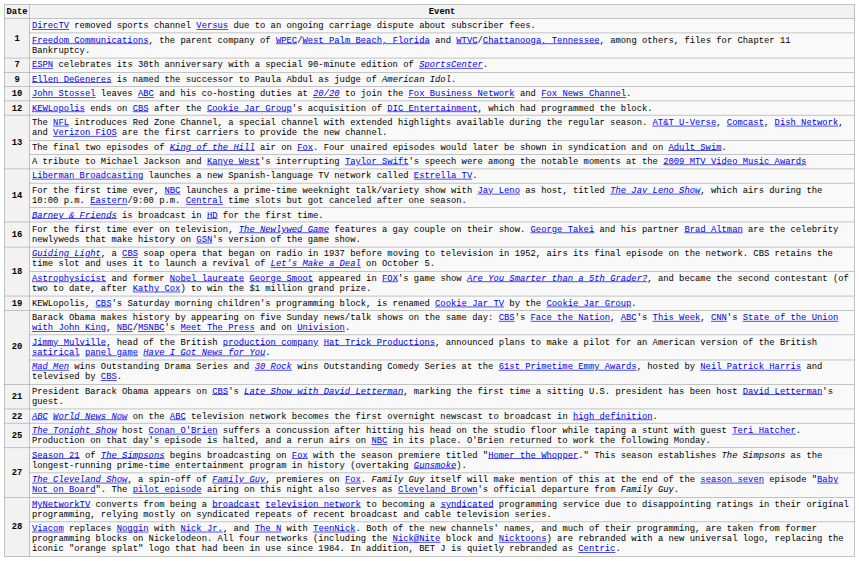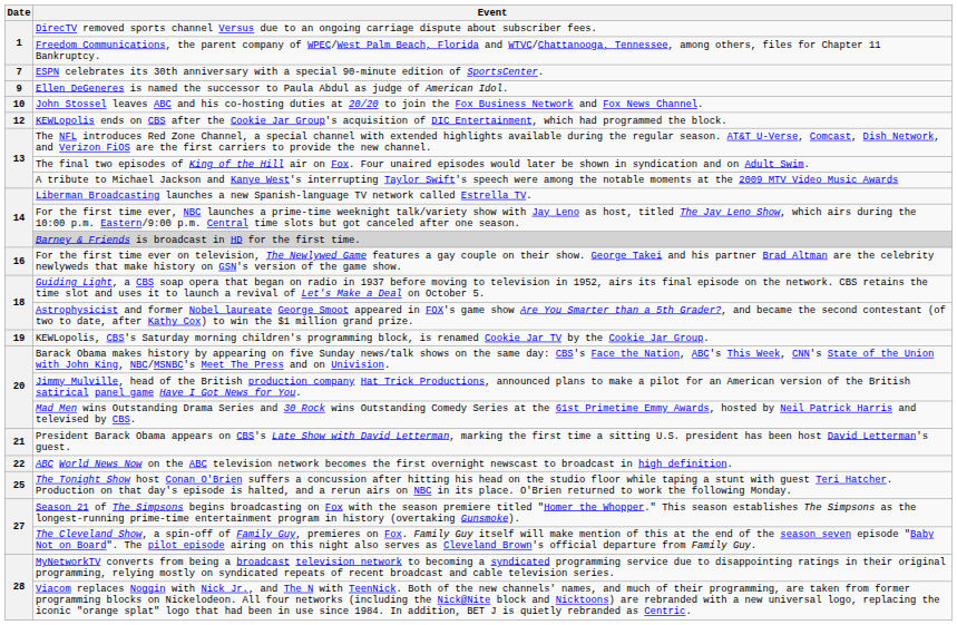 <table class="wikitable">
 <tr>
 <th>Date</th>
 <th>Event</th>
 </tr>
 <tr>
 <th rowspan="2">1</th>
 <td><a href='#'>DirecTV</a> removed sports channel <a href='#'>Versus</a> due to an ongoing carriage dispute about subscriber fees.</td>
 </tr>
 <tr>
 <td><a href='#'>Freedom Communications</a>, the parent company of <a href='#'>WPEC</a>/<a href='#'>West Palm Beach, Florida</a> and <a href='#'>WTVC</a>/<a href='#'>Chattanooga, Tennessee</a>, among others, files for Chapter 11 Bankruptcy.</td>
 </tr>
 <tr>
 <th>7</th>
 <td><a href='#'>ESPN</a> celebrates its 30th anniversary with a special 90-minute edition of <em><a href='#'>SportsCenter</a></em>.</td>
 </tr>
 <tr>
 <th>9</th>
 <td><a href='#'>Ellen DeGeneres</a> is named the successor to Paula Abdul as judge of <em>American Idol</em>.</td>
 </tr>
 <tr>
 <th>10</th>
 <td><a href='#'>John Stossel</a> leaves <a href='#'>ABC</a> and his co-hosting duties at <em><a href='#'>20/20</a></em> to join the <a href='#'>Fox Business Network</a> and <a href='#'>Fox News Channel</a>.</td>
 </tr>
 <tr>
 <th>12</th>
 <td><a href='#'>KEWLopolis</a> ends on <a href='#'>CBS</a> after the <a href='#'>Cookie Jar Group</a>'s acquisition of <a href='#'>DIC Entertainment</a>, which had programmed the block.</td>
 </tr>
 <tr>
 <th rowspan="3">13</th>
 <td>The <a href='#'>NFL</a> introduces Red Zone Channel, a special channel with extended highlights available during the regular season. <a href='#'>AT&T U-Verse</a>, <a href='#'>Comcast</a>, <a href='#'>Dish Network</a>, and <a href='#'>Verizon FiOS</a> are the first carriers to provide the new channel.</td>
 </tr>
 <tr>
 <td>The final two episodes of <em><a href='#'>King of the Hill</a></em> air on <a href='#'>Fox</a>. Four unaired episodes would later be shown in syndication and on <a href='#'>Adult Swim</a>.</td>
 </tr>
 <tr>
 <td>A tribute to Michael Jackson and <a href='#'>Kanye West</a>'s interrupting <a href='#'>Taylor Swift</a>'s speech were among the notable moments at the <a href='#'>2009 MTV Video Music Awards</a></td>
 </tr>
 <tr>
 <th rowspan="3">14</th>
 <td><a href='#'>Liberman Broadcasting</a> launches a new Spanish-language TV network called <a href='#'>Estrella TV</a>.</td>
 </tr>
 <tr>
 <td>For the first time ever, <a href='#'>NBC</a> launches a prime-time weeknight talk/variety show with <a href='#'>Jay Leno</a> as host, titled <em><a href='#'>The Jay Leno Show</a></em>, which airs during the 10:00 p.m. <a href='#'>Eastern</a>/9:00 p.m. <a href='#'>Central</a> time slots but got canceled after one season.</td>
 </tr>
 <tr>
-<td><em><a href='#'>Barney & Friends</a></em> is broadcast in <a href='#'>HD</a> for the first time.</td>
+<td style="background: lightgrey;"><em><a href='#'>Barney & Friends</a></em> is broadcast in <a href='#'>HD</a> for the first time.</td>
 </tr>
 <tr>
 <th>16</th>
 <td>For the first time ever on television, <em><a href='#'>The Newlywed Game</a></em> features a gay couple on their show. <a href='#'>George Takei</a> and his partner <a href='#'>Brad Altman</a> are the celebrity newlyweds that make history on <a href='#'>GSN</a>'s version of the game show.</td>
 </tr>
 <tr>
 <th rowspan=2>18</th>
 <td><em><a href='#'>Guiding Light</a></em>, a <a href='#'>CBS</a> soap opera that began on radio in 1937 before moving to television in 1952, airs its final episode on the network. CBS retains the time slot and uses it to launch a revival of <em><a href='#'>Let's Make a Deal</a></em> on October 5.</td>
 </tr>
 <tr>
 <td><a href='#'>Astrophysicist</a> and former <a href='#'>Nobel laureate</a> <a href='#'>George Smoot</a> appeared in <a href='#'>FOX</a>'s game show <em><a href='#'>Are You Smarter than a 5th Grader?</a></em>, and became the second contestant (of two to date, after <a href='#'>Kathy Cox</a>) to win the $1 million grand prize.</td>
 </tr>
 <tr>
 <th>19</th>
 <td>KEWLopolis, <a href='#'>CBS</a>'s Saturday morning children's programming block, is renamed <a href='#'>Cookie Jar TV</a> by the <a href='#'>Cookie Jar Group</a>.</td>
 </tr>
 <tr>
 <th rowspan="3">20</th>
 <td>Barack Obama makes history by appearing on five Sunday news/talk shows on the same day: <a href='#'>CBS</a>'s <a href='#'>Face the Nation</a>, <a href='#'>ABC</a>'s <a href='#'>This Week</a>, <a href='#'>CNN</a>'s <a href='#'>State of the Union with John King</a>, <a href='#'>NBC</a>/<a href='#'>MSNBC</a>'s <a href='#'>Meet The Press</a> and on <a href='#'>Univision</a>.</td>
 </tr>
 <tr>
 <td><a href='#'>Jimmy Mulville</a>, head of the British <a href='#'>production company</a> <a href='#'>Hat Trick Productions</a>, announced plans to make a pilot for an American version of the British <a href='#'>satirical</a> <a href='#'>panel game</a> <em><a href='#'>Have I Got News for You</a></em>.</td>
 </tr>
 <tr>
 <td><em><a href='#'>Mad Men</a></em> wins Outstanding Drama Series and <em><a href='#'>30 Rock</a></em> wins Outstanding Comedy Series at the <a href='#'>61st Primetime Emmy Awards</a>, hosted by <a href='#'>Neil Patrick Harris</a> and televised by <a href='#'>CBS</a>.</td>
 </tr>
 <tr>
 <th>21</th>
 <td>President Barack Obama appears on <a href='#'>CBS</a>'s <em><a href='#'>Late Show with David Letterman</a></em>, marking the first time a sitting U.S. president has been host <a href='#'>David Letterman</a>'s guest.</td>
 </tr>
 <tr>
 <th>22</th>
 <td><em><a href='#'>ABC</a> <a href='#'>World News Now</a></em> on the <a href='#'>ABC</a> television network becomes the first overnight newscast to broadcast in <a href='#'>high definition</a>.</td>
 </tr>
 <tr>
 <th>25</th>
 <td><em><a href='#'>The Tonight Show</a></em> host <a href='#'>Conan O'Brien</a> suffers a concussion after hitting his head on the studio floor while taping a stunt with guest <a href='#'>Teri Hatcher</a>. Production on that day's episode is halted, and a rerun airs on <a href='#'>NBC</a> in its place. O'Brien returned to work the following Monday.</td>
 </tr>
 <tr>
 <th rowspan="2">27</th>
 <td><a href='#'>Season 21</a> of <em><a href='#'>The Simpsons</a></em>  begins broadcasting on <a href='#'>Fox</a> with the season premiere titled "<a href='#'>Homer the Whopper</a>." This season establishes <em>The Simpsons</em> as the longest-running prime-time entertainment program in history (overtaking <em><a href='#'>Gunsmoke</a></em>).</td>
 </tr>
 <tr>
 <td><em><a href='#'>The Cleveland Show</a></em>, a spin-off of <em><a href='#'>Family Guy</a></em>, premieres on <a href='#'>Fox</a>. <em>Family Guy</em> itself will make mention of this at the end of the <a href='#'>season seven</a> episode "<a href='#'>Baby Not on Board</a>". The <a href='#'>pilot episode</a> airing on this night also serves as <a href='#'>Cleveland Brown</a>'s official departure from <em>Family Guy</em>.</td>
 </tr>
 <tr>
 <th rowspan="2">28</th>
 <td><a href='#'>MyNetworkTV</a> converts from being a <a href='#'>broadcast</a> <a href='#'>television network</a> to becoming a <a href='#'>syndicated</a> programming service due to disappointing ratings in their original programming, relying mostly on syndicated repeats of recent broadcast and cable television series.</td>
 </tr>
 <tr>
 <td><a href='#'>Viacom</a> replaces <a href='#'>Noggin</a> with <a href='#'>Nick Jr.</a>, and <a href='#'>The N</a> with <a href='#'>TeenNick</a>. Both of the new channels' names, and much of their programming, are taken from former programming blocks on Nickelodeon. All four networks (including the <a href='#'>Nick@Nite</a> block and <a href='#'>Nicktoons</a>) are rebranded with a new universal logo, replacing the iconic "orange splat" logo that had been in use since 1984. In addition, BET J is quietly rebranded as <a href='#'>Centric</a>.</td>
 </tr>
 </table>
